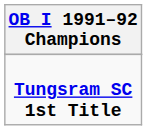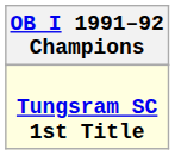 <table class="wikitable" style="text-align: center; margin: 0 auto;">
 <tr>
 <th><a href='#'>OB I</a> 1991–92<br>Champions</th>
 </tr>
 <tr>
 </tr>
 <tr>
-<td><br><strong><a href='#'>Tungsram SC</a></strong><br><strong>1st Title</strong></td>
+<td style="background: lightyellow;"><br><strong><a href='#'>Tungsram SC</a></strong><br><strong>1st Title</strong></td>
 </tr>
 </table>
